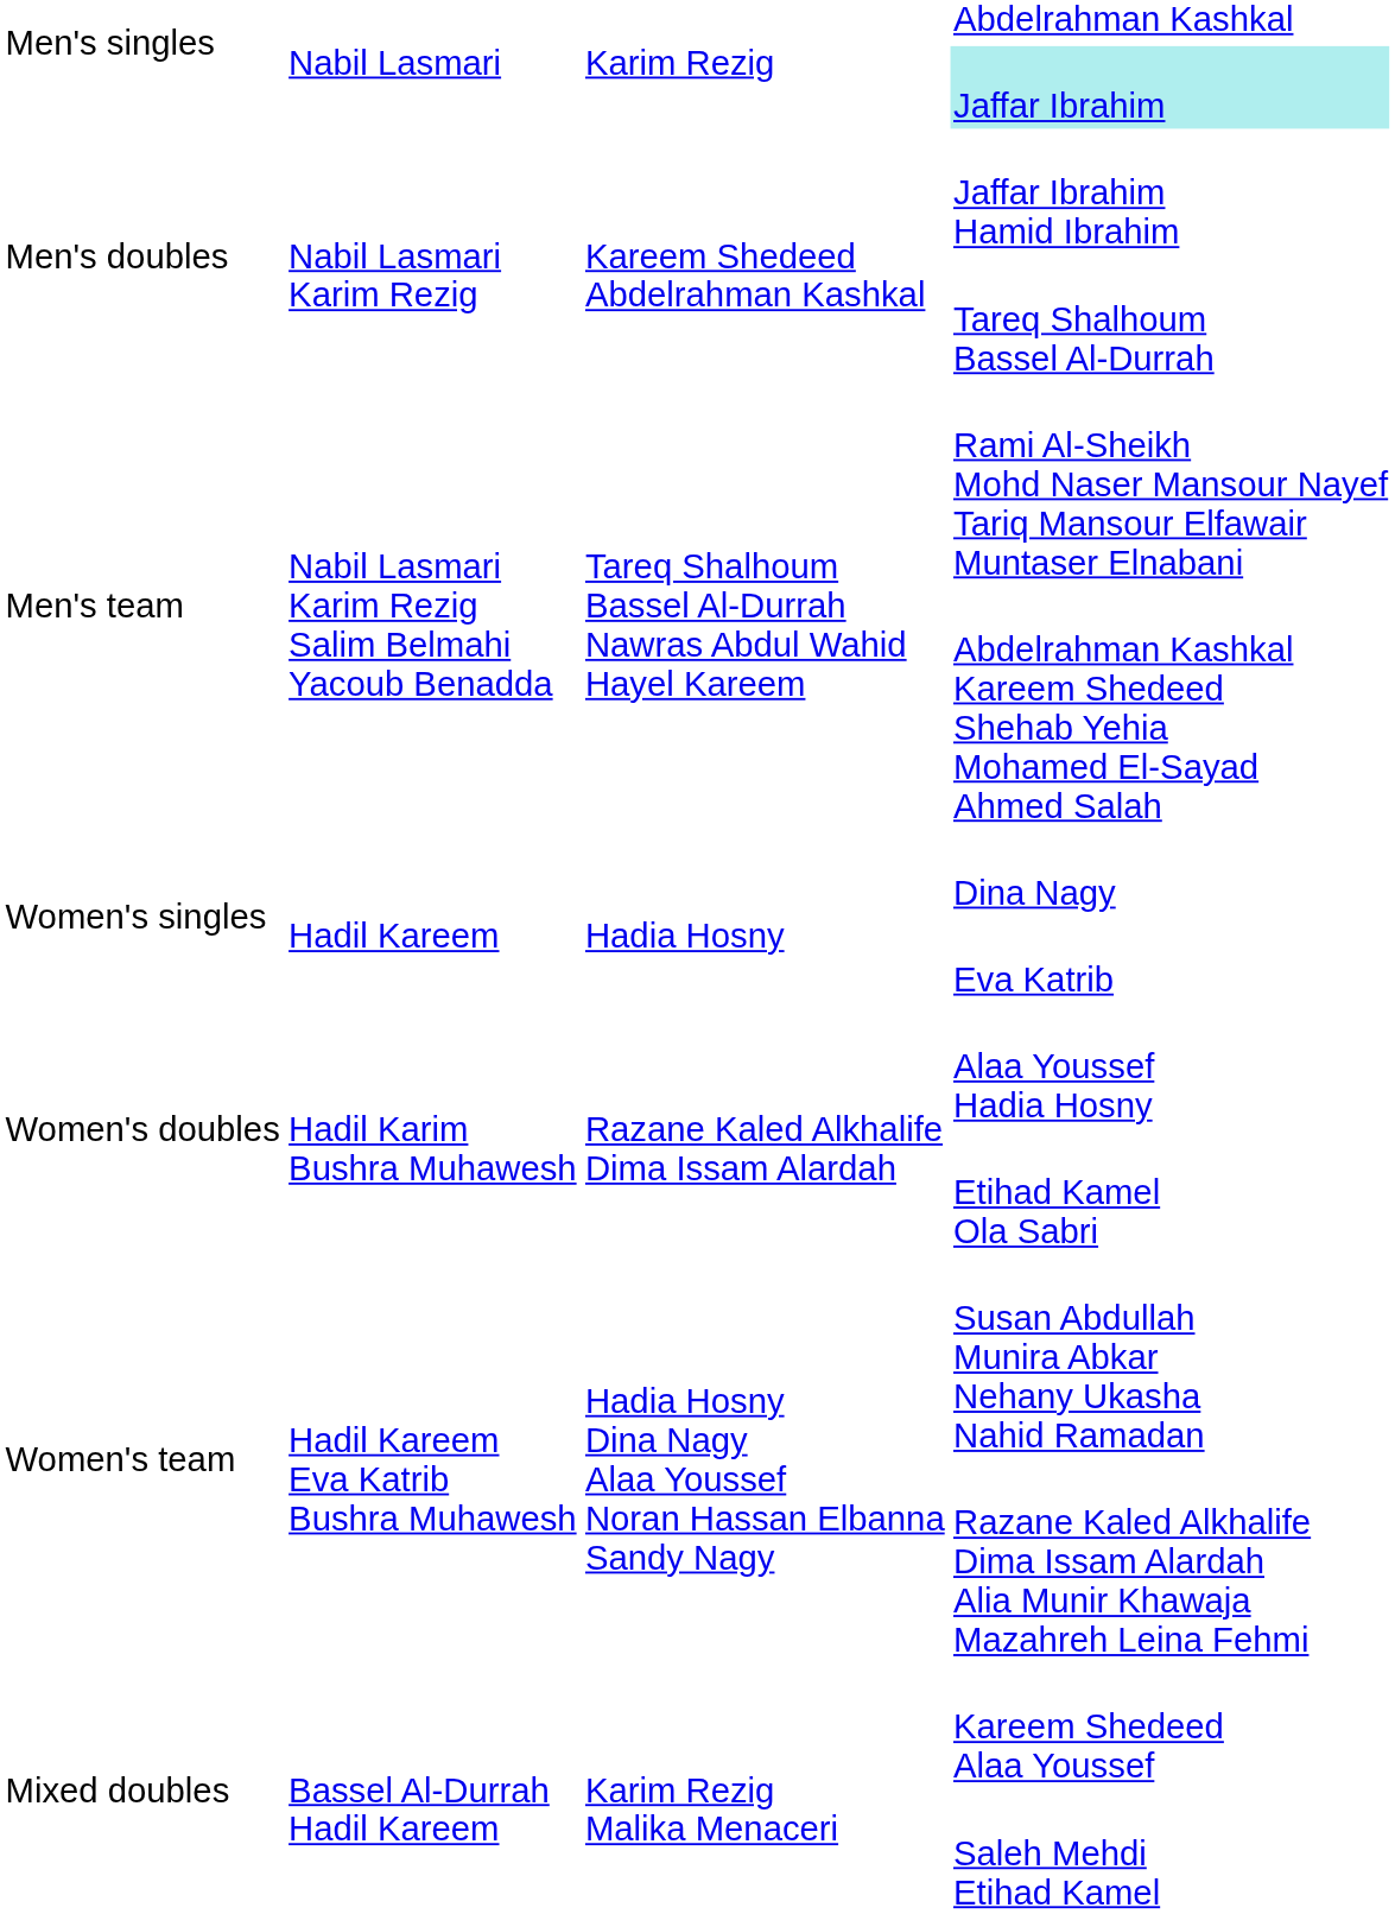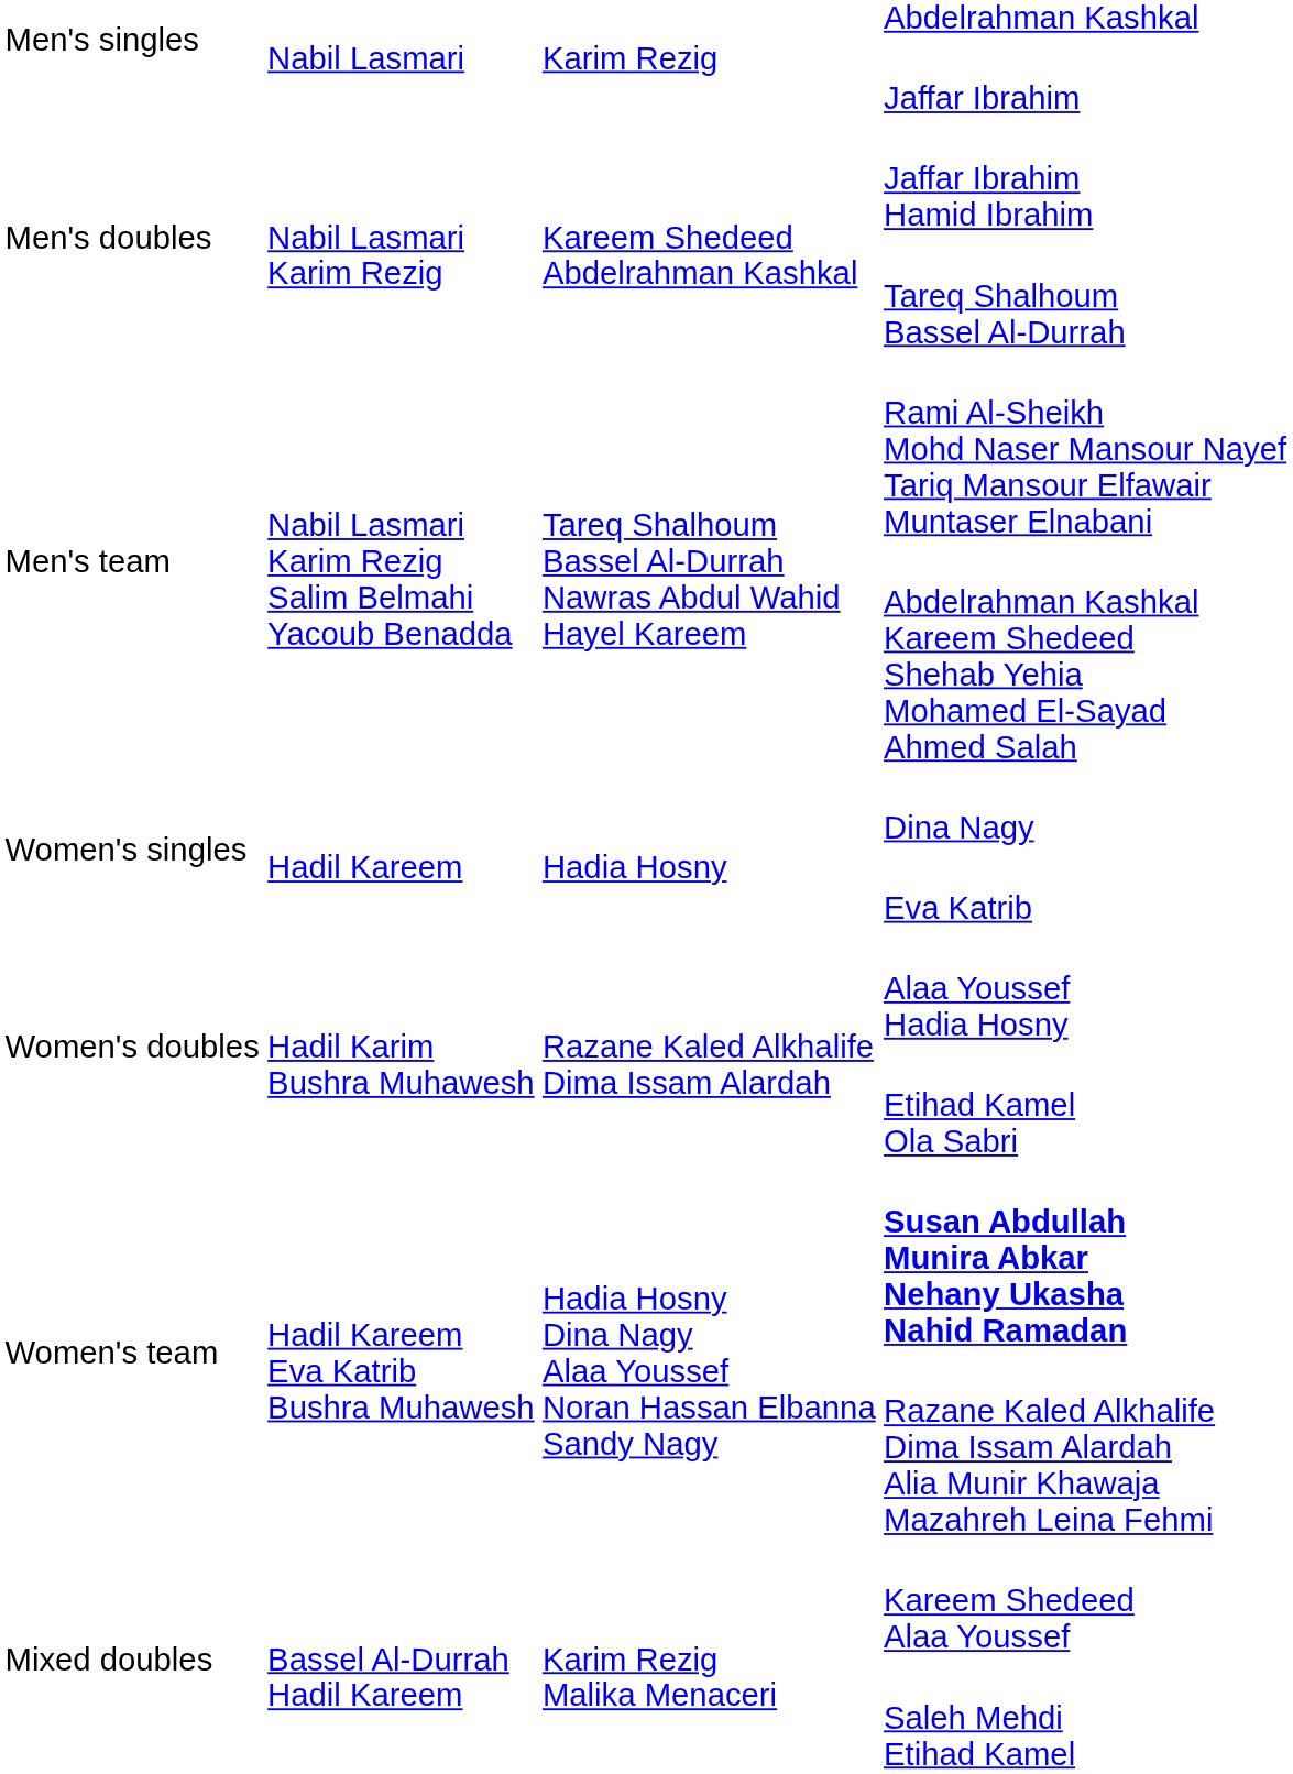 <table>
 <tr>
 <td rowspan=2>Men's singles</td>
 <td rowspan=2><br><a href='#'>Nabil Lasmari</a></td>
 <td rowspan=2><br><a href='#'>Karim Rezig</a></td>
 <td><br><a href='#'>Abdelrahman Kashkal</a></td>
 </tr>
 <tr>
-<td style="background: paleturquoise;"><br><a href='#'>Jaffar Ibrahim</a></td>
+<td><br><a href='#'>Jaffar Ibrahim</a></td>
 </tr>
 <tr>
 <td rowspan=2>Men's doubles</td>
 <td rowspan=2><br><a href='#'>Nabil Lasmari</a><br><a href='#'>Karim Rezig</a></td>
 <td rowspan=2><br><a href='#'>Kareem Shedeed</a><br><a href='#'>Abdelrahman Kashkal</a></td>
 <td><br><a href='#'>Jaffar Ibrahim</a><br><a href='#'>Hamid Ibrahim</a></td>
 </tr>
 <tr>
 <td><br><a href='#'>Tareq Shalhoum</a><br><a href='#'>Bassel Al-Durrah</a></td>
 </tr>
 <tr>
 <td rowspan=2>Men's team</td>
 <td rowspan=2><br><a href='#'>Nabil Lasmari</a><br><a href='#'>Karim Rezig</a><br><a href='#'>Salim Belmahi</a><br><a href='#'>Yacoub Benadda</a></td>
 <td rowspan=2><br><a href='#'>Tareq Shalhoum</a><br><a href='#'>Bassel Al-Durrah</a><br><a href='#'>Nawras Abdul Wahid</a><br><a href='#'>Hayel Kareem</a></td>
 <td><br><a href='#'>Rami Al-Sheikh</a><br><a href='#'>Mohd Naser Mansour Nayef</a><br><a href='#'>Tariq Mansour Elfawair</a><br><a href='#'>Muntaser Elnabani</a></td>
 </tr>
 <tr>
 <td><br><a href='#'>Abdelrahman Kashkal</a><br><a href='#'>Kareem Shedeed</a><br><a href='#'>Shehab Yehia</a><br><a href='#'>Mohamed El-Sayad</a><br><a href='#'>Ahmed Salah</a></td>
 </tr>
 <tr>
 <td rowspan=2>Women's singles</td>
 <td rowspan=2><br><a href='#'>Hadil Kareem</a></td>
 <td rowspan=2><br><a href='#'>Hadia Hosny</a></td>
 <td><br><a href='#'>Dina Nagy</a></td>
 </tr>
 <tr>
 <td><br><a href='#'>Eva Katrib</a></td>
 </tr>
 <tr>
 <td rowspan=2>Women's doubles</td>
 <td rowspan=2><br><a href='#'>Hadil Karim</a><br><a href='#'>Bushra Muhawesh</a></td>
 <td rowspan=2><br><a href='#'>Razane Kaled Alkhalife</a><br><a href='#'>Dima Issam Alardah</a></td>
 <td><br><a href='#'>Alaa Youssef</a><br><a href='#'>Hadia Hosny</a></td>
 </tr>
 <tr>
 <td><br><a href='#'>Etihad Kamel</a><br><a href='#'>Ola Sabri</a></td>
 </tr>
 <tr>
 <td rowspan=2>Women's team</td>
 <td rowspan=2><br><a href='#'>Hadil Kareem</a><br><a href='#'>Eva Katrib</a><br><a href='#'>Bushra Muhawesh</a></td>
 <td rowspan=2><br><a href='#'>Hadia Hosny</a><br><a href='#'>Dina Nagy</a><br><a href='#'>Alaa Youssef</a><br><a href='#'>Noran Hassan Elbanna</a><br><a href='#'>Sandy Nagy</a></td>
-<td><br><a href='#'>Susan Abdullah</a><br><a href='#'>Munira Abkar</a><br><a href='#'>Nehany Ukasha</a><br><a href='#'>Nahid Ramadan</a></td>
+<td><strong><br><a href='#'>Susan Abdullah</a><br><a href='#'>Munira Abkar</a><br><a href='#'>Nehany Ukasha</a><br><a href='#'>Nahid Ramadan</a></strong></td>
 </tr>
 <tr>
 <td><br><a href='#'>Razane Kaled Alkhalife</a><br><a href='#'>Dima Issam Alardah</a><br><a href='#'>Alia Munir Khawaja</a><br><a href='#'>Mazahreh Leina Fehmi</a></td>
 </tr>
 <tr>
 <td rowspan=2>Mixed doubles</td>
 <td rowspan=2><br><a href='#'>Bassel Al-Durrah</a><br><a href='#'>Hadil Kareem</a></td>
 <td rowspan=2><br><a href='#'>Karim Rezig</a><br><a href='#'>Malika Menaceri</a></td>
 <td><br><a href='#'>Kareem Shedeed</a><br><a href='#'>Alaa Youssef</a></td>
 </tr>
 <tr>
 <td><br><a href='#'>Saleh Mehdi</a><br><a href='#'>Etihad Kamel</a></td>
 </tr>
 </table>
